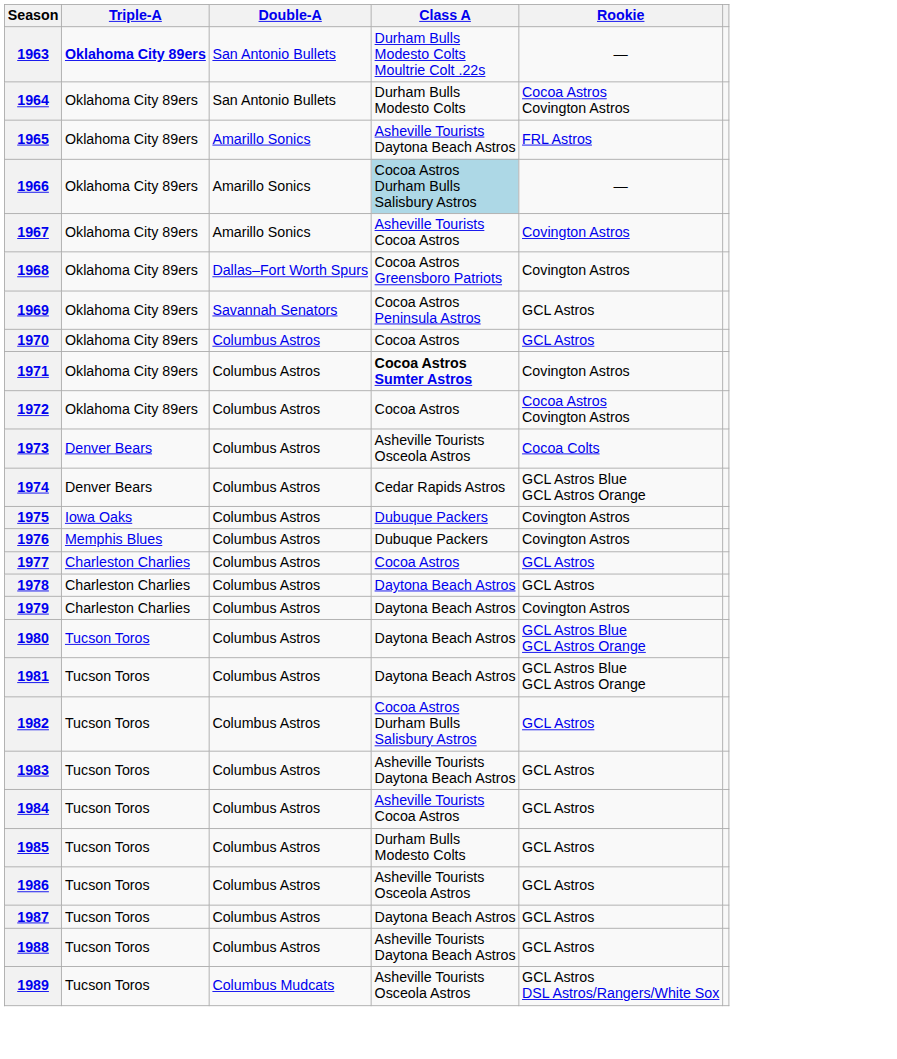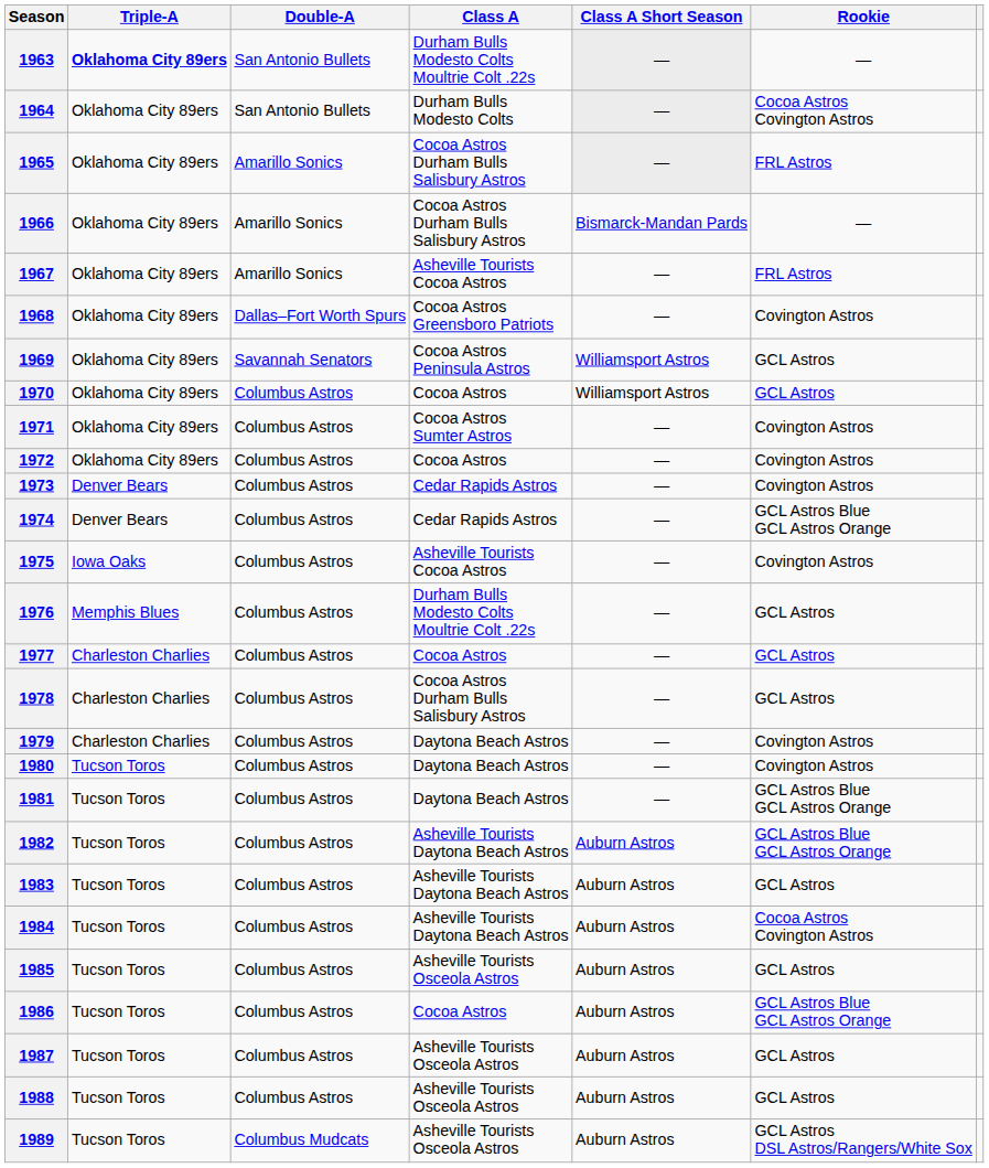 <table class="wikitable plainrowheaders">
 <tr>
 <th scope="col">Season</th>
 <th scope="col"><a href='#'><span>Triple-A</span></a></th>
 <th scope="col"><a href='#'><span>Double-A</span></a></th>
 <th scope="col"><a href='#'><span>Class A</span></a></th>
+<th scope="col"><a href='#'><span>Class A Short Season</span></a></th>
 <th scope="col"><a href='#'><span>Rookie</span></a></th>
 <th scope="col"></th>
 </tr>
 <tr>
 <th scope="row" style="text-align:center"><a href='#'>1963</a></th>
 <td><strong><a href='#'>Oklahoma City 89ers</a></strong></td>
 <td><a href='#'>San Antonio Bullets</a></td>
 <td><a href='#'>Durham Bulls</a><br><a href='#'>Modesto Colts</a><br><a href='#'>Moultrie Colt .22s</a></td>
+<td style="background:#ececec" align="center">—</td>
 <td align="center">—</td>
 <td align="center"></td>
 </tr>
 <tr>
 <th scope="row" style="text-align:center"><a href='#'>1964</a></th>
 <td>Oklahoma City 89ers</td>
 <td>San Antonio Bullets</td>
 <td>Durham Bulls<br>Modesto Colts</td>
+<td style="background:#ececec" align="center">—</td>
 <td><a href='#'>Cocoa Astros</a><br>Covington Astros</td>
 <td align="center"></td>
 </tr>
 <tr>
 <th scope="row" style="text-align:center"><a href='#'>1965</a></th>
 <td>Oklahoma City 89ers</td>
 <td><a href='#'>Amarillo Sonics</a></td>
-<td><a href='#'>Asheville Tourists</a><br>Daytona Beach Astros</td>
+<td><a href='#'>Cocoa Astros</a><br>Durham Bulls<br><a href='#'>Salisbury Astros</a></td>
+<td style="background:#ececec" align="center">—</td>
 <td><a href='#'>FRL Astros</a></td>
 <td align="center"></td>
 </tr>
 <tr>
 <th scope="row" style="text-align:center"><a href='#'>1966</a></th>
 <td>Oklahoma City 89ers</td>
 <td>Amarillo Sonics</td>
-<td style="background: lightblue;">Cocoa Astros<br>Durham Bulls<br>Salisbury Astros</td>
+<td>Cocoa Astros<br>Durham Bulls<br>Salisbury Astros</td>
+<td><a href='#'>Bismarck-Mandan Pards</a></td>
 <td align="center">—</td>
 <td align="center"></td>
 </tr>
 <tr>
 <th scope="row" style="text-align:center"><a href='#'>1967</a></th>
 <td>Oklahoma City 89ers</td>
 <td>Amarillo Sonics</td>
 <td><a href='#'>Asheville Tourists</a><br>Cocoa Astros</td>
-<td><a href='#'>Covington Astros</a></td>
+<td align="center">—</td>
+<td><a href='#'>FRL Astros</a></td>
 <td align="center"></td>
 </tr>
 <tr>
 <th scope="row" style="text-align:center"><a href='#'>1968</a></th>
 <td>Oklahoma City 89ers</td>
 <td><a href='#'>Dallas–Fort Worth Spurs</a></td>
 <td>Cocoa Astros<br><a href='#'>Greensboro Patriots</a></td>
+<td align="center">—</td>
 <td>Covington Astros</td>
 <td align="center"></td>
 </tr>
 <tr>
 <th scope="row" style="text-align:center"><a href='#'>1969</a></th>
 <td>Oklahoma City 89ers</td>
 <td><a href='#'>Savannah Senators</a></td>
 <td>Cocoa Astros<br><a href='#'>Peninsula Astros</a></td>
+<td><a href='#'>Williamsport Astros</a></td>
 <td>GCL Astros</td>
 <td align="center"></td>
 </tr>
 <tr>
 <th scope="row" style="text-align:center"><a href='#'>1970</a></th>
 <td>Oklahoma City 89ers</td>
 <td><a href='#'>Columbus Astros</a></td>
 <td>Cocoa Astros</td>
+<td>Williamsport Astros</td>
 <td><a href='#'>GCL Astros</a></td>
 <td align="center"></td>
 </tr>
 <tr>
 <th scope="row" style="text-align:center"><a href='#'>1971</a></th>
 <td>Oklahoma City 89ers</td>
 <td>Columbus Astros</td>
-<td><strong>Cocoa Astros<br><a href='#'>Sumter Astros</a></strong></td>
+<td>Cocoa Astros<br><a href='#'>Sumter Astros</a></td>
+<td align="center">—</td>
 <td>Covington Astros</td>
 <td align="center"></td>
 </tr>
 <tr>
 <th scope="row" style="text-align:center"><a href='#'>1972</a></th>
 <td>Oklahoma City 89ers</td>
 <td>Columbus Astros</td>
 <td>Cocoa Astros</td>
-<td><a href='#'>Cocoa Astros</a><br>Covington Astros</td>
+<td align="center">—</td>
+<td>Covington Astros</td>
 <td align="center"></td>
 </tr>
 <tr>
 <th scope="row" style="text-align:center"><a href='#'>1973</a></th>
 <td><a href='#'>Denver Bears</a></td>
 <td>Columbus Astros</td>
-<td>Asheville Tourists<br>Osceola Astros</td>
-<td><a href='#'>Cocoa Colts</a></td>
+<td><a href='#'>Cedar Rapids Astros</a></td>
+<td align="center">—</td>
+<td>Covington Astros</td>
 <td align="center"></td>
 </tr>
 <tr>
 <th scope="row" style="text-align:center"><a href='#'>1974</a></th>
 <td>Denver Bears</td>
 <td>Columbus Astros</td>
 <td>Cedar Rapids Astros</td>
+<td align="center">—</td>
 <td>GCL Astros Blue<br>GCL Astros Orange</td>
 <td align="center"></td>
 </tr>
 <tr>
 <th scope="row" style="text-align:center"><a href='#'>1975</a></th>
 <td><a href='#'>Iowa Oaks</a></td>
 <td>Columbus Astros</td>
-<td><a href='#'>Dubuque Packers</a></td>
+<td><a href='#'>Asheville Tourists</a><br>Cocoa Astros</td>
+<td align="center">—</td>
 <td>Covington Astros</td>
 <td align="center"></td>
 </tr>
 <tr>
 <th scope="row" style="text-align:center"><a href='#'>1976</a></th>
 <td><a href='#'>Memphis Blues</a></td>
 <td>Columbus Astros</td>
-<td>Dubuque Packers</td>
-<td>Covington Astros</td>
+<td><a href='#'>Durham Bulls</a><br><a href='#'>Modesto Colts</a><br><a href='#'>Moultrie Colt .22s</a></td>
+<td align="center">—</td>
+<td>GCL Astros</td>
 <td align="center"></td>
 </tr>
 <tr>
 <th scope="row" style="text-align:center"><a href='#'>1977</a></th>
 <td><a href='#'>Charleston Charlies</a></td>
 <td>Columbus Astros</td>
 <td><a href='#'>Cocoa Astros</a></td>
+<td align="center">—</td>
 <td><a href='#'>GCL Astros</a></td>
 <td align="center"></td>
 </tr>
 <tr>
 <th scope="row" style="text-align:center"><a href='#'>1978</a></th>
 <td>Charleston Charlies</td>
 <td>Columbus Astros</td>
-<td><a href='#'>Daytona Beach Astros</a></td>
+<td>Cocoa Astros<br>Durham Bulls<br>Salisbury Astros</td>
+<td align="center">—</td>
 <td>GCL Astros</td>
 <td align="center"></td>
 </tr>
 <tr>
 <th scope="row" style="text-align:center"><a href='#'>1979</a></th>
 <td>Charleston Charlies</td>
 <td>Columbus Astros</td>
 <td>Daytona Beach Astros</td>
+<td align="center">—</td>
 <td>Covington Astros</td>
 <td align="center"></td>
 </tr>
 <tr>
 <th scope="row" style="text-align:center"><a href='#'>1980</a></th>
 <td><a href='#'>Tucson Toros</a></td>
 <td>Columbus Astros</td>
 <td>Daytona Beach Astros</td>
-<td><a href='#'>GCL Astros Blue</a><br><a href='#'>GCL Astros Orange</a></td>
+<td align="center">—</td>
+<td>Covington Astros</td>
 <td align="center"></td>
 </tr>
 <tr>
 <th scope="row" style="text-align:center"><a href='#'>1981</a></th>
 <td>Tucson Toros</td>
 <td>Columbus Astros</td>
 <td>Daytona Beach Astros</td>
+<td align="center">—</td>
 <td>GCL Astros Blue<br>GCL Astros Orange</td>
 <td align="center"></td>
 </tr>
 <tr>
 <th scope="row" style="text-align:center"><a href='#'>1982</a></th>
 <td>Tucson Toros</td>
 <td>Columbus Astros</td>
-<td><a href='#'>Cocoa Astros</a><br>Durham Bulls<br><a href='#'>Salisbury Astros</a></td>
-<td><a href='#'>GCL Astros</a></td>
+<td><a href='#'>Asheville Tourists</a><br>Daytona Beach Astros</td>
+<td><a href='#'>Auburn Astros</a></td>
+<td><a href='#'>GCL Astros Blue</a><br><a href='#'>GCL Astros Orange</a></td>
 <td align="center"></td>
 </tr>
 <tr>
 <th scope="row" style="text-align:center"><a href='#'>1983</a></th>
 <td>Tucson Toros</td>
 <td>Columbus Astros</td>
 <td>Asheville Tourists<br>Daytona Beach Astros</td>
+<td>Auburn Astros</td>
 <td>GCL Astros</td>
 <td align="center"></td>
 </tr>
 <tr>
 <th scope="row" style="text-align:center"><a href='#'>1984</a></th>
 <td>Tucson Toros</td>
 <td>Columbus Astros</td>
-<td><a href='#'>Asheville Tourists</a><br>Cocoa Astros</td>
-<td>GCL Astros</td>
+<td>Asheville Tourists<br>Daytona Beach Astros</td>
+<td>Auburn Astros</td>
+<td><a href='#'>Cocoa Astros</a><br>Covington Astros</td>
 <td align="center"></td>
 </tr>
 <tr>
 <th scope="row" style="text-align:center"><a href='#'>1985</a></th>
 <td>Tucson Toros</td>
 <td>Columbus Astros</td>
-<td>Durham Bulls<br>Modesto Colts</td>
+<td>Asheville Tourists<br><a href='#'>Osceola Astros</a></td>
+<td>Auburn Astros</td>
 <td>GCL Astros</td>
 <td align="center"></td>
 </tr>
 <tr>
 <th scope="row" style="text-align:center"><a href='#'>1986</a></th>
 <td>Tucson Toros</td>
 <td>Columbus Astros</td>
-<td>Asheville Tourists<br>Osceola Astros</td>
-<td>GCL Astros</td>
+<td><a href='#'>Cocoa Astros</a></td>
+<td>Auburn Astros</td>
+<td><a href='#'>GCL Astros Blue</a><br><a href='#'>GCL Astros Orange</a></td>
 <td align="center"></td>
 </tr>
 <tr>
 <th scope="row" style="text-align:center"><a href='#'>1987</a></th>
 <td>Tucson Toros</td>
 <td>Columbus Astros</td>
-<td>Daytona Beach Astros</td>
+<td>Asheville Tourists<br>Osceola Astros</td>
+<td>Auburn Astros</td>
 <td>GCL Astros</td>
 <td align="center"></td>
 </tr>
 <tr>
 <th scope="row" style="text-align:center"><a href='#'>1988</a></th>
 <td>Tucson Toros</td>
 <td>Columbus Astros</td>
-<td>Asheville Tourists<br>Daytona Beach Astros</td>
+<td>Asheville Tourists<br>Osceola Astros</td>
+<td>Auburn Astros</td>
 <td>GCL Astros</td>
 <td align="center"></td>
 </tr>
 <tr>
 <th scope="row" style="text-align:center"><a href='#'>1989</a></th>
 <td>Tucson Toros</td>
 <td><a href='#'>Columbus Mudcats</a></td>
 <td>Asheville Tourists<br>Osceola Astros</td>
+<td>Auburn Astros</td>
 <td>GCL Astros<br><a href='#'>DSL Astros/Rangers/White Sox</a></td>
 <td align="center"></td>
 </tr>
 </table>
